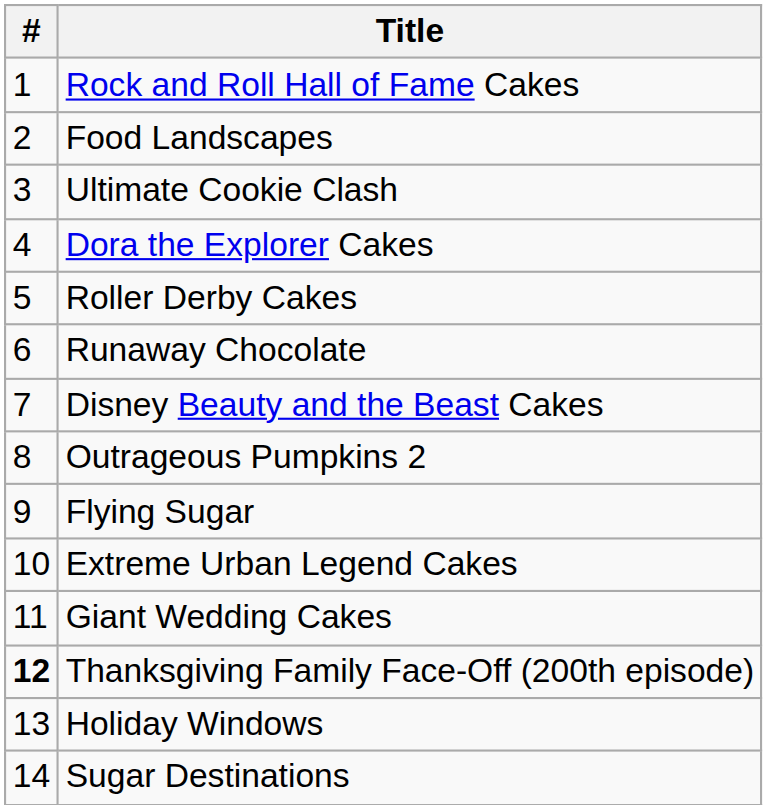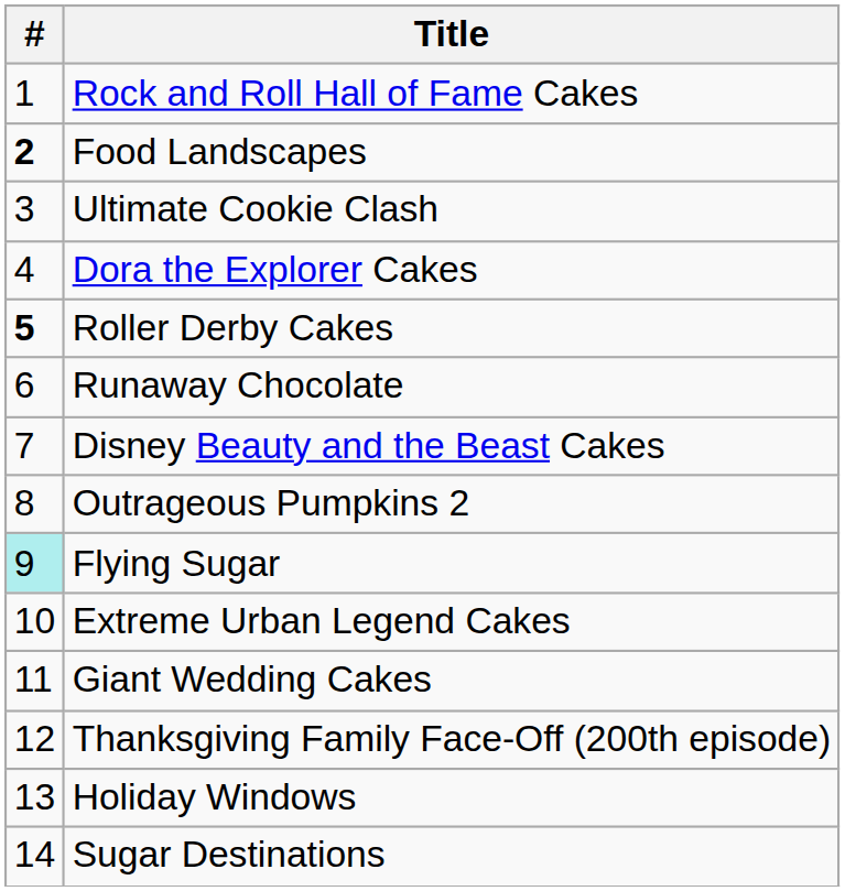 <table class="wikitable">
 <tr>
 <th>#</th>
 <th>Title</th>
 </tr>
 <tr>
 <td>1</td>
 <td><a href='#'>Rock and Roll Hall of Fame</a> Cakes</td>
 </tr>
 <tr>
-<td>2</td>
+<td><strong>2</strong></td>
 <td>Food Landscapes</td>
 </tr>
 <tr>
 <td>3</td>
 <td>Ultimate Cookie Clash</td>
 </tr>
 <tr>
 <td>4</td>
 <td><a href='#'>Dora the Explorer</a> Cakes</td>
 </tr>
 <tr>
-<td>5</td>
+<td><strong>5</strong></td>
 <td>Roller Derby Cakes</td>
 </tr>
 <tr>
 <td>6</td>
 <td>Runaway Chocolate</td>
 </tr>
 <tr>
 <td>7</td>
 <td>Disney <a href='#'>Beauty and the Beast</a> Cakes</td>
 </tr>
 <tr>
 <td>8</td>
 <td>Outrageous Pumpkins 2</td>
 </tr>
 <tr>
-<td>9</td>
+<td style="background: paleturquoise;">9</td>
 <td>Flying Sugar</td>
 </tr>
 <tr>
 <td>10</td>
 <td>Extreme Urban Legend Cakes</td>
 </tr>
 <tr>
 <td>11</td>
 <td>Giant Wedding Cakes</td>
 </tr>
 <tr>
-<td><strong>12</strong></td>
+<td>12</td>
 <td>Thanksgiving Family Face-Off (200th episode)</td>
 </tr>
 <tr>
 <td>13</td>
 <td>Holiday Windows</td>
 </tr>
 <tr>
 <td>14</td>
 <td>Sugar Destinations</td>
 </tr>
 <tr>
 </tr>
 </table>
